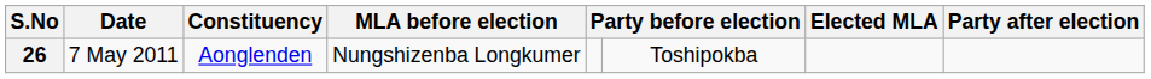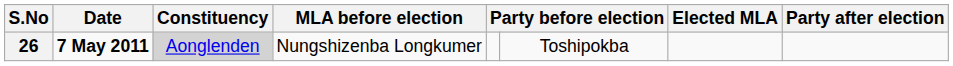 <table class="wikitable sortable" style="text-align:center;">
 <tr>
 <th>S.No</th>
 <th>Date</th>
 <th>Constituency</th>
 <th>MLA before election</th>
 <th colspan="2">Party before election</th>
 <th>Elected MLA</th>
 <th colspan="2">Party after election</th>
 </tr>
 <tr>
 <th>26</th>
-<td>7 May 2011</td>
-<td><a href='#'>Aonglenden</a></td>
+<td><strong>7 May 2011</strong></td>
+<td style="background: lightgrey;"><a href='#'>Aonglenden</a></td>
 <td>Nungshizenba Longkumer</td>
 <td></td>
 <td>Toshipokba</td>
 <td></td>
 </tr>
 </table>
